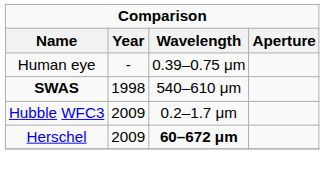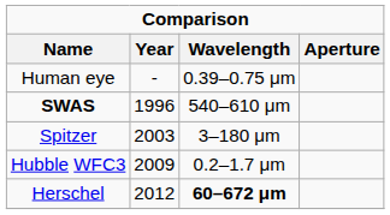 <table class=wikitable style="text-align:center; align:left; margin:2px">
 <tr>
 <td colspan=4 align=center><strong>Comparison</strong></td>
 </tr>
 <tr>
 <th>Name</th>
 <th>Year</th>
 <th>Wavelength</th>
 <th>Aperture</th>
 </tr>
 <tr>
 <td>Human eye</td>
 <td>-</td>
 <td>0.39–0.75 μm</td>
 <td></td>
 </tr>
 <tr>
 <td><strong>SWAS</strong></td>
-<td>1998</td>
+<td>1996</td>
 <td>540–610 μm</td>
+<td></td>
+</tr>
+<tr>
+<td><a href='#'>Spitzer</a></td>
+<td>2003</td>
+<td>3–180 μm</td>
 <td></td>
 </tr>
 <tr>
 <td><a href='#'>Hubble</a> <a href='#'>WFC3</a></td>
 <td>2009</td>
 <td>0.2–1.7 μm</td>
 <td></td>
 </tr>
 <tr>
 <td><a href='#'>Herschel</a></td>
-<td>2009</td>
+<td>2012</td>
 <td><strong>60–672 μm</strong></td>
 <td></td>
 </tr>
 <tr>
 </tr>
 </table>
